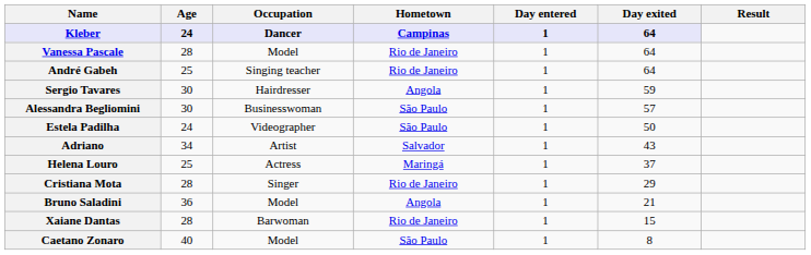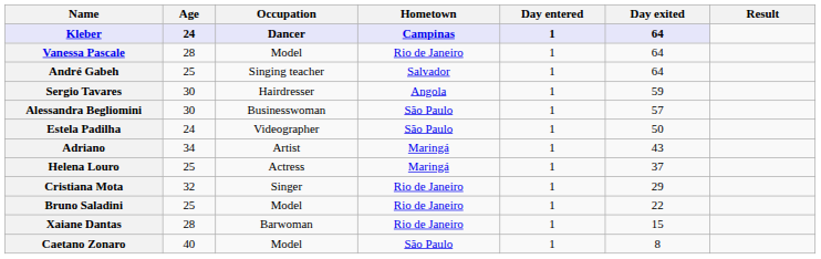 <table class="wikitable sortable" style="text-align:center;">
 <tr>
 <th scope="col" width="15.0%">Name</th>
 <th scope="col" width="05.0%">Age</th>
 <th scope="col" width="13.5%">Occupation</th>
 <th scope="col" width="13.5%">Hometown</th>
 <th scope="col" width="10.0%">Day entered</th>
 <th scope="col" width="10.0%">Day exited</th>
 <th scope="col" width="10.0%">Result</th>
 </tr>
 <tr>
 <td bgcolor="E6E6FA"><strong><a href='#'>Kleber </a></strong></td>
 <td bgcolor="E6E6FA"><strong>24</strong></td>
 <td bgcolor="E6E6FA"><strong>Dancer</strong></td>
 <td bgcolor="E6E6FA"><strong><a href='#'>Campinas</a></strong></td>
 <td bgcolor="E6E6FA"><strong>1</strong></td>
 <td bgcolor="E6E6FA"><strong>64</strong></td>
 <td></td>
 </tr>
 <tr>
 <th><a href='#'>Vanessa Pascale</a></th>
 <td>28</td>
 <td>Model</td>
 <td><a href='#'>Rio de Janeiro</a></td>
 <td>1</td>
 <td>64</td>
 <td></td>
 </tr>
 <tr>
 <th>André Gabeh</th>
 <td>25</td>
 <td>Singing teacher</td>
-<td><a href='#'>Rio de Janeiro</a></td>
+<td><a href='#'>Salvador</a></td>
 <td>1</td>
 <td>64</td>
 <td></td>
 </tr>
 <tr>
 <th>Sergio Tavares</th>
 <td>30</td>
 <td>Hairdresser</td>
 <td><a href='#'>Angola</a></td>
 <td>1</td>
 <td>59</td>
 <td></td>
 </tr>
 <tr>
 <th>Alessandra Begliomini</th>
 <td>30</td>
 <td>Businesswoman</td>
 <td><a href='#'>São Paulo</a></td>
 <td>1</td>
 <td>57</td>
 <td></td>
 </tr>
 <tr>
 <th>Estela Padilha</th>
 <td>24</td>
 <td>Videographer</td>
 <td><a href='#'>São Paulo</a></td>
 <td>1</td>
 <td>50</td>
 <td></td>
 </tr>
 <tr>
 <th>Adriano </th>
 <td>34</td>
 <td>Artist</td>
-<td><a href='#'>Salvador</a></td>
+<td><a href='#'>Maringá</a></td>
 <td>1</td>
 <td>43</td>
 <td></td>
 </tr>
 <tr>
 <th>Helena Louro</th>
 <td>25</td>
 <td>Actress</td>
 <td><a href='#'>Maringá</a></td>
 <td>1</td>
 <td>37</td>
 <td></td>
 </tr>
 <tr>
 <th>Cristiana Mota</th>
-<td>28</td>
+<td>32</td>
 <td>Singer</td>
 <td><a href='#'>Rio de Janeiro</a></td>
 <td>1</td>
 <td>29</td>
 <td></td>
 </tr>
 <tr>
 <th>Bruno Saladini</th>
-<td>36</td>
+<td>25</td>
 <td>Model</td>
-<td><a href='#'>Angola</a></td>
+<td><a href='#'>Rio de Janeiro</a></td>
 <td>1</td>
-<td>21</td>
+<td>22</td>
 <td></td>
 </tr>
 <tr>
 <th>Xaiane Dantas</th>
 <td>28</td>
 <td>Barwoman</td>
 <td><a href='#'>Rio de Janeiro</a></td>
 <td>1</td>
 <td>15</td>
 <td></td>
 </tr>
 <tr>
 <th>Caetano Zonaro</th>
 <td>40</td>
 <td>Model</td>
 <td><a href='#'>São Paulo</a></td>
 <td>1</td>
 <td>8</td>
 <td></td>
 </tr>
 </table>
